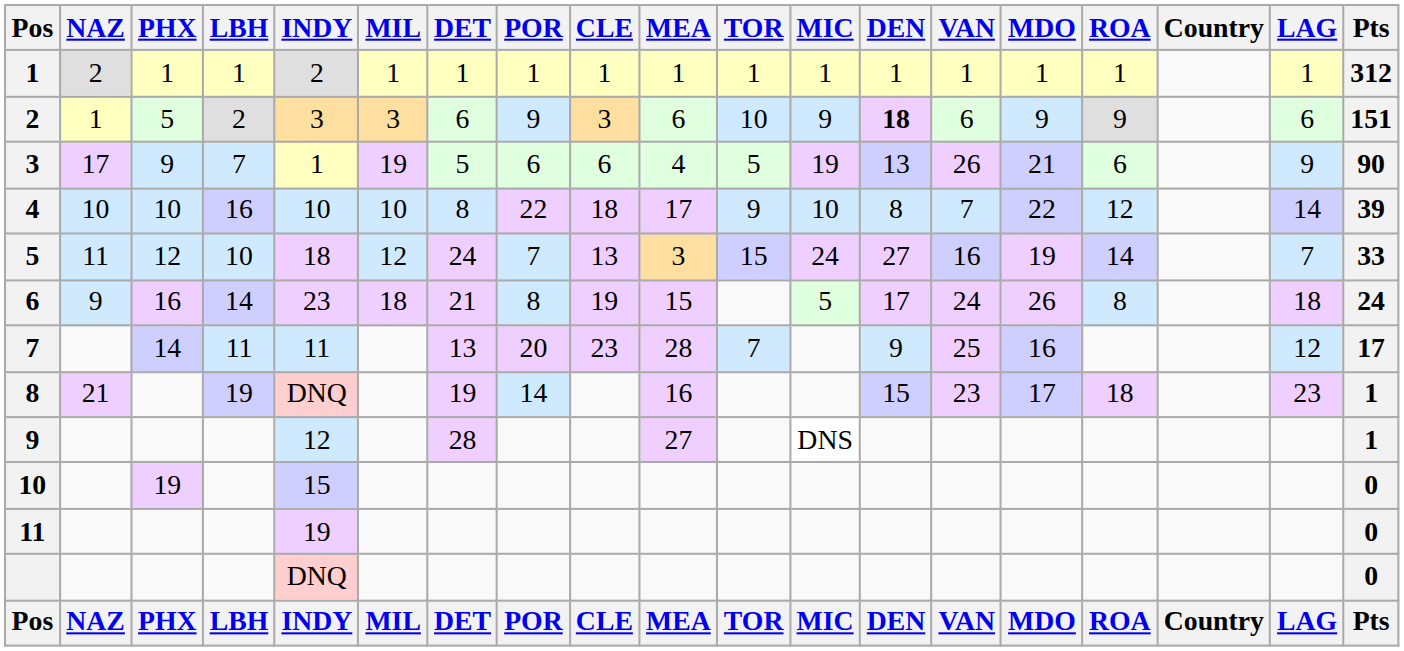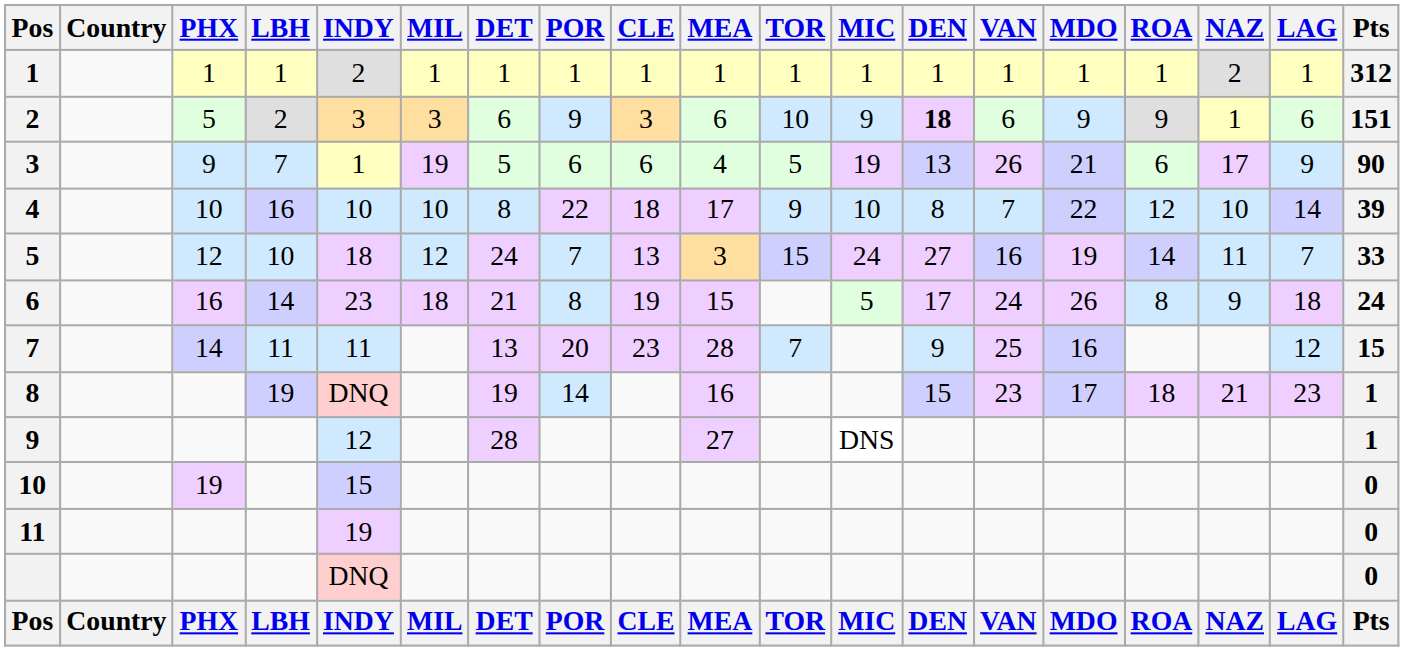 <table class="wikitable" style="font-size: 85%;; text-align:center;">
 <tr valign="top">
 <th valign="middle">Pos</th>
-<th width="27"><a href='#'>NAZ</a></th>
+<th valign="middle">Country</th>
 <th width="27"><a href='#'>PHX</a></th>
 <th width="27"><a href='#'>LBH</a></th>
 <th width="27"><a href='#'>INDY</a></th>
 <th width="27"><a href='#'>MIL</a></th>
 <th width="27"><a href='#'>DET</a></th>
 <th width="27"><a href='#'>POR</a></th>
 <th width="27"><a href='#'>CLE</a></th>
 <th width="27"><a href='#'>MEA</a></th>
 <th width="27"><a href='#'>TOR</a></th>
 <th width="27"><a href='#'>MIC</a></th>
 <th width="27"><a href='#'>DEN</a></th>
 <th width="27"><a href='#'>VAN</a></th>
 <th width="27"><a href='#'>MDO</a></th>
 <th width="27"><a href='#'>ROA</a></th>
-<th valign="middle">Country</th>
+<th width="27"><a href='#'>NAZ</a></th>
 <th width="27"><a href='#'>LAG</a></th>
 <th valign="middle">Pts</th>
 </tr>
 <tr>
 <th>1</th>
-<td style="background:#dfdfdf;">2</td>
+<td align="left"></td>
 <td style="background:#ffffbf;">1</td>
 <td style="background:#ffffbf;">1</td>
 <td style="background:#dfdfdf;">2</td>
 <td style="background:#ffffbf;">1</td>
 <td style="background:#ffffbf;">1</td>
 <td style="background:#ffffbf;">1</td>
 <td style="background:#ffffbf;">1</td>
 <td style="background:#ffffbf;">1</td>
 <td style="background:#ffffbf;">1</td>
 <td style="background:#ffffbf;">1</td>
 <td style="background:#ffffbf;">1</td>
 <td style="background:#ffffbf;">1</td>
 <td style="background:#ffffbf;">1</td>
 <td style="background:#ffffbf;">1</td>
-<td align="left"></td>
+<td style="background:#dfdfdf;">2</td>
 <td style="background:#ffffbf;">1</td>
 <th>312</th>
 </tr>
 <tr>
 <th>2</th>
-<td style="background:#ffffbf;">1</td>
+<td align="left"></td>
 <td style="background:#dfffdf;">5</td>
 <td style="background:#dfdfdf;">2</td>
 <td style="background:#ffdf9f;">3</td>
 <td style="background:#ffdf9f;">3</td>
 <td style="background:#dfffdf;">6</td>
 <td style="background:#CFEAFF;">9</td>
 <td style="background:#ffdf9f;">3</td>
 <td style="background:#dfffdf;">6</td>
 <td style="background:#CFEAFF;">10</td>
 <td style="background:#CFEAFF;">9</td>
 <td style="background:#efcfff;"><strong>18</strong></td>
 <td style="background:#dfffdf;">6</td>
 <td style="background:#CFEAFF;">9</td>
 <td style="background:#dfdfdf;">9</td>
-<td align="left"></td>
+<td style="background:#ffffbf;">1</td>
 <td style="background:#dfffdf;">6</td>
 <th>151</th>
 </tr>
 <tr>
 <th>3</th>
-<td style="background:#efcfff;">17</td>
+<td align="left"></td>
 <td style="background:#CFEAFF;">9</td>
 <td style="background:#CFEAFF;">7</td>
 <td style="background:#ffffbf;">1</td>
 <td style="background:#efcfff;">19</td>
 <td style="background:#dfffdf;">5</td>
 <td style="background:#dfffdf;">6</td>
 <td style="background:#dfffdf;">6</td>
 <td style="background:#dfffdf;">4</td>
 <td style="background:#dfffdf;">5</td>
 <td style="background:#efcfff;">19</td>
 <td style="background:#cfcfff;">13</td>
 <td style="background:#efcfff;">26</td>
 <td style="background:#cfcfff;">21</td>
 <td style="background:#dfffdf;">6</td>
-<td align="left"></td>
+<td style="background:#efcfff;">17</td>
 <td style="background:#CFEAFF;">9</td>
 <th>90</th>
 </tr>
 <tr>
 <th>4</th>
-<td style="background:#CFEAFF;">10</td>
+<td align="left"></td>
 <td style="background:#CFEAFF;">10</td>
 <td style="background:#cfcfff;">16</td>
 <td style="background:#CFEAFF;">10</td>
 <td style="background:#CFEAFF;">10</td>
 <td style="background:#CFEAFF;">8</td>
 <td style="background:#efcfff;">22</td>
 <td style="background:#efcfff;">18</td>
 <td style="background:#efcfff;">17</td>
 <td style="background:#CFEAFF;">9</td>
 <td style="background:#CFEAFF;">10</td>
 <td style="background:#CFEAFF;">8</td>
 <td style="background:#CFEAFF;">7</td>
 <td style="background:#cfcfff;">22</td>
 <td style="background:#CFEAFF;">12</td>
-<td align="left"></td>
+<td style="background:#CFEAFF;">10</td>
 <td style="background:#cfcfff;">14</td>
 <th>39</th>
 </tr>
 <tr>
 <th>5</th>
-<td style="background:#CFEAFF;">11</td>
+<td align="left"></td>
 <td style="background:#CFEAFF;">12</td>
 <td style="background:#CFEAFF;">10</td>
 <td style="background:#efcfff;">18</td>
 <td style="background:#CFEAFF;">12</td>
 <td style="background:#efcfff;">24</td>
 <td style="background:#CFEAFF;">7</td>
 <td style="background:#efcfff;">13</td>
 <td style="background:#ffdf9f;">3</td>
 <td style="background:#cfcfff;">15</td>
 <td style="background:#efcfff;">24</td>
 <td style="background:#efcfff;">27</td>
 <td style="background:#cfcfff;">16</td>
 <td style="background:#efcfff;">19</td>
 <td style="background:#cfcfff;">14</td>
-<td align="left"></td>
+<td style="background:#CFEAFF;">11</td>
 <td style="background:#CFEAFF;">7</td>
 <th>33</th>
 </tr>
 <tr>
 <th>6</th>
-<td style="background:#CFEAFF;">9</td>
+<td align="left"></td>
 <td style="background:#efcfff;">16</td>
 <td style="background:#cfcfff;">14</td>
 <td style="background:#efcfff;">23</td>
 <td style="background:#efcfff;">18</td>
 <td style="background:#efcfff;">21</td>
 <td style="background:#CFEAFF;">8</td>
 <td style="background:#efcfff;">19</td>
 <td style="background:#efcfff;">15</td>
 <td></td>
 <td style="background:#dfffdf;">5</td>
 <td style="background:#efcfff;">17</td>
 <td style="background:#efcfff;">24</td>
 <td style="background:#efcfff;">26</td>
 <td style="background:#CFEAFF;">8</td>
-<td align="left"></td>
+<td style="background:#CFEAFF;">9</td>
 <td style="background:#efcfff;">18</td>
 <th>24</th>
 </tr>
 <tr>
 <th>7</th>
-<td></td>
+<td align="left"></td>
 <td style="background:#cfcfff;">14</td>
 <td style="background:#CFEAFF;">11</td>
 <td style="background:#CFEAFF;">11</td>
 <td></td>
 <td style="background:#efcfff;">13</td>
 <td style="background:#efcfff;">20</td>
 <td style="background:#efcfff;">23</td>
 <td style="background:#efcfff;">28</td>
 <td style="background:#CFEAFF;">7</td>
 <td></td>
 <td style="background:#CFEAFF;">9</td>
 <td style="background:#efcfff;">25</td>
 <td style="background:#cfcfff;">16</td>
 <td></td>
-<td align="left"></td>
+<td></td>
 <td style="background:#CFEAFF;">12</td>
-<th>17</th>
+<th>15</th>
 </tr>
 <tr>
 <th>8</th>
-<td style="background:#efcfff;">21</td>
+<td align="left"></td>
 <td></td>
 <td style="background:#cfcfff;">19</td>
 <td style="background:#ffcfcf;">DNQ</td>
 <td></td>
 <td style="background:#efcfff;">19</td>
 <td style="background:#CFEAFF;">14</td>
 <td></td>
 <td style="background:#efcfff;">16</td>
 <td></td>
 <td></td>
 <td style="background:#cfcfff;">15</td>
 <td style="background:#efcfff;">23</td>
 <td style="background:#cfcfff;">17</td>
 <td style="background:#efcfff;">18</td>
-<td align="left"></td>
+<td style="background:#efcfff;">21</td>
 <td style="background:#efcfff;">23</td>
 <th>1</th>
 </tr>
 <tr>
 <th>9</th>
-<td></td>
+<td align="left"></td>
 <td></td>
 <td></td>
 <td style="background:#CFEAFF;">12</td>
 <td></td>
 <td style="background:#efcfff;">28</td>
 <td></td>
 <td></td>
 <td style="background:#efcfff;">27</td>
 <td></td>
 <td style="background:#ffffff;">DNS</td>
 <td></td>
 <td></td>
 <td></td>
 <td></td>
-<td align="left"></td>
+<td></td>
 <td></td>
 <th>1</th>
 </tr>
 <tr>
 <th>10</th>
-<td></td>
+<td align="left"></td>
 <td style="background:#efcfff;">19</td>
 <td></td>
 <td style="background:#cfcfff;">15</td>
 <td></td>
 <td></td>
 <td></td>
 <td></td>
 <td></td>
 <td></td>
 <td></td>
 <td></td>
 <td></td>
 <td></td>
 <td></td>
-<td align="left"></td>
+<td></td>
 <td></td>
 <th>0</th>
 </tr>
 <tr>
 <th>11</th>
-<td></td>
+<td align="left"></td>
 <td></td>
 <td></td>
 <td style="background:#efcfff;">19</td>
 <td></td>
 <td></td>
 <td></td>
 <td></td>
 <td></td>
 <td></td>
 <td></td>
 <td></td>
 <td></td>
 <td></td>
 <td></td>
-<td align="left"></td>
+<td></td>
 <td></td>
 <th>0</th>
 </tr>
 <tr>
 <th></th>
-<td></td>
+<td align="left"></td>
 <td></td>
 <td></td>
 <td style="background:#ffcfcf;">DNQ</td>
 <td></td>
 <td></td>
 <td></td>
 <td></td>
 <td></td>
 <td></td>
 <td></td>
 <td></td>
 <td></td>
 <td></td>
 <td></td>
-<td align="left"></td>
+<td></td>
 <td></td>
 <th>0</th>
 </tr>
 <tr style="background: #f9f9f9;" valign="top">
 <th valign="middle">Pos</th>
-<th width="27"><a href='#'>NAZ</a> </th>
+<th valign="middle">Country</th>
 <th width="27"><a href='#'>PHX</a> </th>
 <th width="27"><a href='#'>LBH</a> </th>
 <th width="27"><a href='#'>INDY</a> </th>
 <th width="27"><a href='#'>MIL</a> </th>
 <th width="27"><a href='#'>DET</a> </th>
 <th width="27"><a href='#'>POR</a> </th>
 <th width="27"><a href='#'>CLE</a> </th>
 <th width="27"><a href='#'>MEA</a> </th>
 <th width="27"><a href='#'>TOR</a> </th>
 <th width="27"><a href='#'>MIC</a> </th>
 <th width="27"><a href='#'>DEN</a> </th>
 <th width="27"><a href='#'>VAN</a> </th>
 <th width="27"><a href='#'>MDO</a> </th>
 <th width="27"><a href='#'>ROA</a> </th>
-<th valign="middle">Country</th>
+<th width="27"><a href='#'>NAZ</a> </th>
 <th width="27"><a href='#'>LAG</a> </th>
 <th valign="middle">Pts</th>
 </tr>
 </table>
